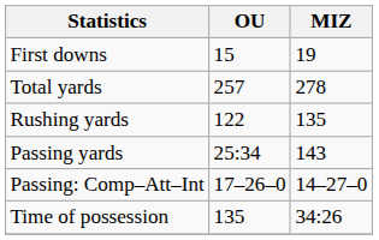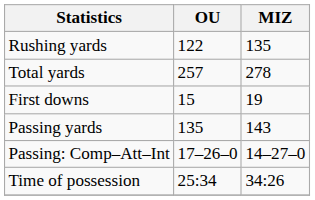 <table class="wikitable" style="float: left;">
 <tr>
 <th>Statistics</th>
 <th>OU</th>
 <th>MIZ</th>
 </tr>
 <tr>
-<td>First downs</td>
-<td>15</td>
-<td>19</td>
+<td>Rushing yards</td>
+<td>122</td>
+<td>135</td>
 </tr>
 <tr>
 <td>Total yards</td>
 <td>257</td>
 <td>278</td>
 </tr>
 <tr>
-<td>Rushing yards</td>
-<td>122</td>
-<td>135</td>
+<td>First downs</td>
+<td>15</td>
+<td>19</td>
 </tr>
 <tr>
 <td>Passing yards</td>
-<td>25:34</td>
+<td>135</td>
 <td>143</td>
 </tr>
 <tr>
 <td>Passing: Comp–Att–Int</td>
 <td>17–26–0</td>
 <td>14–27–0</td>
 </tr>
 <tr>
 <td>Time of possession</td>
-<td>135</td>
+<td>25:34</td>
 <td>34:26</td>
 </tr>
 <tr>
 </tr>
 </table>
